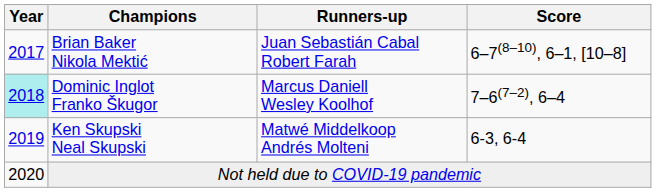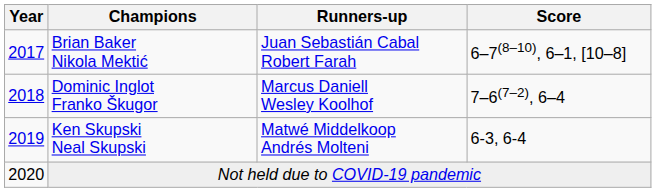 <table class="wikitable">
 <tr>
 <th>Year</th>
 <th width="200">Champions</th>
 <th width="200">Runners-up</th>
 <th width="175">Score</th>
 </tr>
 <tr>
 <td><a href='#'>2017</a></td>
 <td> <a href='#'>Brian Baker</a> <br>  <a href='#'>Nikola Mektić</a></td>
 <td> <a href='#'>Juan Sebastián Cabal</a> <br>  <a href='#'>Robert Farah</a></td>
 <td>6–7<sup>(8–10)</sup>, 6–1, [10–8]</td>
 </tr>
 <tr>
-<td style="background: paleturquoise;"><a href='#'>2018</a></td>
+<td><a href='#'>2018</a></td>
 <td> <a href='#'>Dominic Inglot</a> <br>  <a href='#'>Franko Škugor</a></td>
 <td> <a href='#'>Marcus Daniell</a> <br>  <a href='#'>Wesley Koolhof</a></td>
 <td>7–6<sup>(7–2)</sup>, 6–4</td>
 </tr>
 <tr>
 <td><a href='#'>2019</a></td>
 <td> <a href='#'>Ken Skupski</a> <br>  <a href='#'>Neal Skupski</a></td>
 <td> <a href='#'>Matwé Middelkoop</a> <br>  <a href='#'>Andrés Molteni</a></td>
 <td>6-3, 6-4</td>
 </tr>
 <tr>
 <td>2020</td>
 <td colspan=3 align=center style="background:#efefef"><em>Not held due to <a href='#'>COVID-19 pandemic</a></em></td>
 </tr>
 </table>
